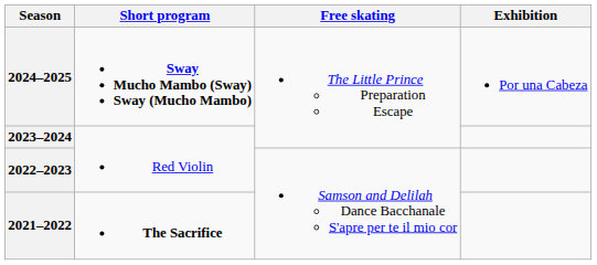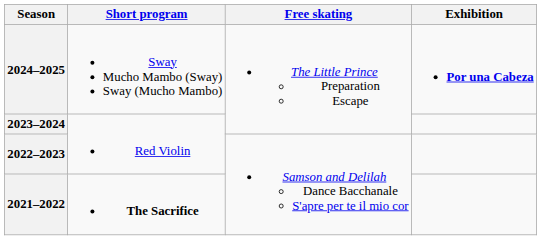 <table class=wikitable style=text-align:center>
 <tr>
 <th>Season</th>
 <th><a href='#'>Short program</a></th>
 <th><a href='#'>Free skating</a></th>
 <th>Exhibition</th>
 </tr>
 <tr>
 <th>2024–2025 <br> </th>
-<td><strong><br><ul><li><a href='#'>Sway</a> <br></li><li>Mucho Mambo (Sway) <br></li><li>Sway (Mucho Mambo) <br></li></ul></strong></td>
+<td><br><ul><li><a href='#'>Sway</a> <br></li><li>Mucho Mambo (Sway) <br></li><li>Sway (Mucho Mambo) <br></li></ul></td>
 <td rowspan=2><br><ul><li><em><a href='#'>The Little Prince</a></em><ul><li>Preparation</li><li>Escape <br></li></ul></li></ul></td>
-<td><br><ul><li><a href='#'>Por una Cabeza</a> <br> </li></ul></td>
+<td><strong><br><ul><li><a href='#'>Por una Cabeza</a> <br> </li></ul></strong></td>
 </tr>
 <tr>
 <th>2023–2024 <br> </th>
 <td rowspan=2><br><ul><li><a href='#'>Red Violin</a> <br></li></ul></td>
 <td></td>
 </tr>
 <tr>
 <th>2022–2023 <br> </th>
 <td rowspan=2><br><ul><li><em><a href='#'>Samson and Delilah</a></em><ul><li>Dance Bacchanale</li><li><a href='#'>S'apre per te il mio cor</a> <br> </li></ul></li></ul></td>
 <td></td>
 </tr>
 <tr>
 <th>2021–2022 <br> </th>
 <td><strong><br><ul><li>The Sacrifice <br> </li></ul></strong></td>
 <td></td>
 </tr>
 </table>
